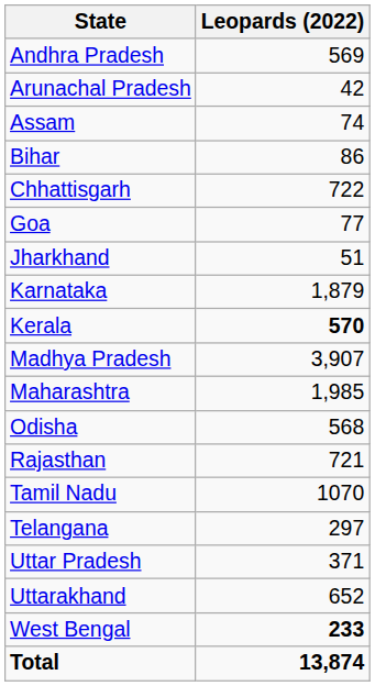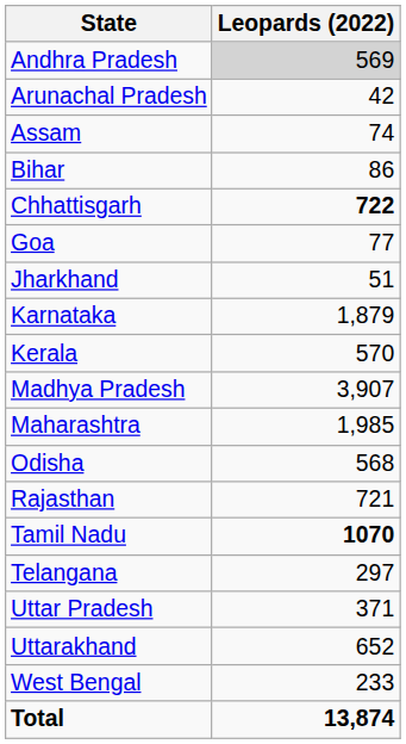 <table class="wikitable sortable">
 <tr>
 <th>State</th>
 <th>Leopards (2022)</th>
 </tr>
 <tr>
 <td><a href='#'>Andhra Pradesh</a></td>
-<td style="text-align:right">569</td>
+<td style="background: lightgrey; text-align:right">569</td>
 </tr>
 <tr>
 <td><a href='#'>Arunachal Pradesh</a></td>
 <td style="text-align:right">42</td>
 </tr>
 <tr>
 <td><a href='#'>Assam</a></td>
 <td style="text-align:right">74</td>
 </tr>
 <tr>
 <td><a href='#'>Bihar</a></td>
 <td style="text-align:right">86</td>
 </tr>
 <tr>
 <td><a href='#'>Chhattisgarh</a></td>
-<td style="text-align:right">722</td>
+<td style="text-align:right"><strong>722</strong></td>
 </tr>
 <tr>
 <td><a href='#'>Goa</a></td>
 <td style="text-align:right">77</td>
 </tr>
 <tr>
 <td><a href='#'>Jharkhand</a></td>
 <td style="text-align:right">51</td>
 </tr>
 <tr>
 <td><a href='#'>Karnataka</a></td>
 <td style="text-align:right">1,879</td>
 </tr>
 <tr>
 <td><a href='#'>Kerala</a></td>
-<td style="text-align:right"><strong>570</strong></td>
+<td style="text-align:right">570</td>
 </tr>
 <tr>
 <td><a href='#'>Madhya Pradesh</a></td>
 <td style="text-align:right">3,907</td>
 </tr>
 <tr>
 <td><a href='#'>Maharashtra</a></td>
 <td style="text-align:right">1,985</td>
 </tr>
 <tr>
 <td><a href='#'>Odisha</a></td>
 <td style="text-align:right">568</td>
 </tr>
 <tr>
 <td><a href='#'>Rajasthan</a></td>
 <td style="text-align:right">721</td>
 </tr>
 <tr>
 <td><a href='#'>Tamil Nadu</a></td>
-<td style="text-align:right">1070</td>
+<td style="text-align:right"><strong>1070</strong></td>
 </tr>
 <tr>
 <td><a href='#'>Telangana</a></td>
 <td style="text-align:right">297</td>
 </tr>
 <tr>
 <td><a href='#'>Uttar Pradesh</a></td>
 <td style="text-align:right">371</td>
 </tr>
 <tr>
 <td><a href='#'>Uttarakhand</a></td>
 <td style="text-align:right">652</td>
 </tr>
 <tr>
 <td><a href='#'>West Bengal</a></td>
-<td style="text-align:right"><strong>233</strong></td>
+<td style="text-align:right">233</td>
 </tr>
 <tr>
 <td><strong>Total</strong></td>
 <td style="text-align:right"><strong>13,874</strong></td>
 </tr>
 </table>
